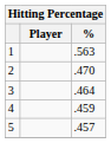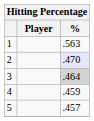 <table class="wikitable">
 <tr>
 <th colspan="3">Hitting Percentage</th>
 </tr>
 <tr>
 <th></th>
 <th>Player</th>
 <th>%</th>
 </tr>
 <tr>
 <td>1</td>
 <td></td>
 <td>.563</td>
 </tr>
 <tr>
 <td>2</td>
 <td></td>
-<td>.470</td>
+<td style="background: lavender;">.470</td>
 </tr>
 <tr>
 <td>3</td>
 <td></td>
-<td>.464</td>
+<td style="background: lightgrey;">.464</td>
 </tr>
 <tr>
 <td>4</td>
 <td></td>
 <td>.459</td>
 </tr>
 <tr>
 <td>5</td>
 <td></td>
 <td>.457</td>
 </tr>
 <tr>
 </tr>
 </table>
